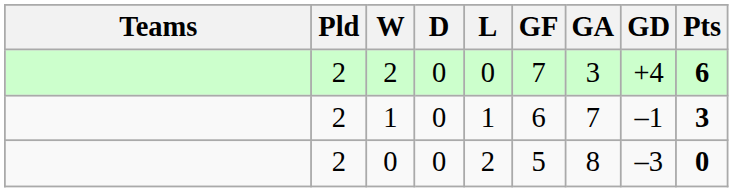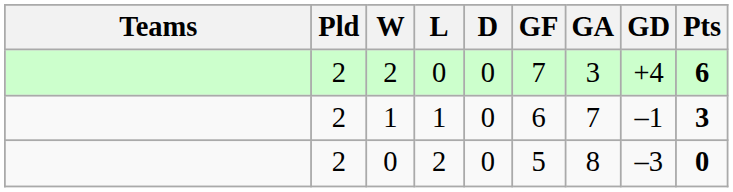 <table class="wikitable" style="text-align: center;">
 <tr>
 <th width=165>Teams</th>
 <th width=20>Pld</th>
 <th width=20>W</th>
+<th width=20>L</th>
 <th width=20>D</th>
-<th width=20>L</th>
 <th width=20>GF</th>
 <th width=20>GA</th>
 <th width=20>GD</th>
 <th width=20>Pts</th>
 </tr>
 <tr align=center style="background:#ccffcc;">
 <td style="text-align:left;"></td>
 <td>2</td>
 <td>2</td>
 <td>0</td>
 <td>0</td>
 <td>7</td>
 <td>3</td>
 <td>+4</td>
 <td><strong>6</strong></td>
 </tr>
 <tr align=center>
 <td style="text-align:left;"></td>
 <td>2</td>
 <td>1</td>
+<td>1</td>
 <td>0</td>
-<td>1</td>
 <td>6</td>
 <td>7</td>
 <td>–1</td>
 <td><strong>3</strong></td>
 </tr>
 <tr align=center>
 <td style="text-align:left;"></td>
 <td>2</td>
 <td>0</td>
+<td>2</td>
 <td>0</td>
-<td>2</td>
 <td>5</td>
 <td>8</td>
 <td>–3</td>
 <td><strong>0</strong></td>
 </tr>
 </table>
